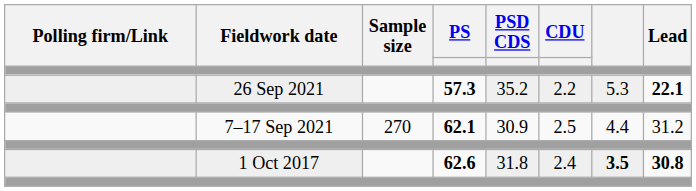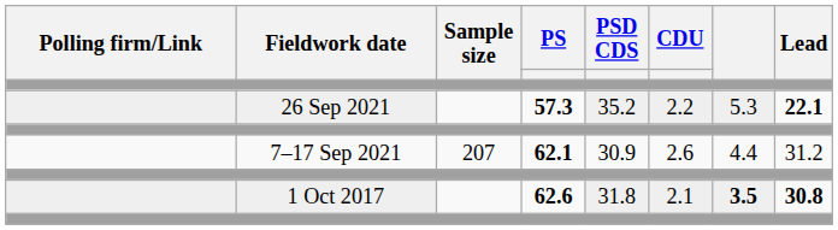 <table class="wikitable sortable mw-datatable" style="text-align:center;font-size:90%;line-height:16px;">
 <tr style="height:42px;">
 <th style="width:145px;" rowspan="2">Polling firm/Link</th>
 <th style="width:125px;" rowspan="2">Fieldwork date</th>
 <th class="unsortable" style="width:50px;" rowspan="2">Sample size</th>
 <th class="unsortable" style="width:35px;"><a href='#'>PS</a></th>
 <th class="unsortable" style="width:35px;"><a href='#'>PSD</a><br><a href='#'>CDS</a></th>
 <th class="unsortable" style="width:35px;"><a href='#'>CDU</a></th>
 <th class="unsortable" style="width:35px;" rowspan="2"></th>
 <th class="unsortable" style="width:30px;" rowspan="2">Lead</th>
 </tr>
 <tr>
 <th class="unsortable" style="color:inherit;background:"></th>
 <th class="unsortable" style="color:inherit;background:"></th>
 <th class="unsortable" style="color:inherit;background:"></th>
 </tr>
 <tr>
 <td colspan="12" style="background:#A0A0A0"></td>
 </tr>
 <tr>
 <td style="background:#EFEFEF;"><strong></strong></td>
 <td style="background:#EFEFEF;" data-sort-value="2019-10-06">26 Sep 2021</td>
 <td></td>
 <td><strong>57.3</strong><br></td>
 <td style="background:#EFEFEF;">35.2<br></td>
 <td style="background:#EFEFEF;">2.2<br></td>
 <td style="background:#EFEFEF;">5.3</td>
 <td style="background:"><strong>22.1</strong></td>
 </tr>
 <tr>
 <td colspan="12" style="background:#A0A0A0"></td>
 </tr>
 <tr>
 <td align="center"></td>
 <td align="center">7–17 Sep 2021</td>
-<td align="center">270</td>
+<td align="center">207</td>
 <td align="center" ><strong>62.1</strong></td>
 <td align="center">30.9</td>
-<td align="center">2.5</td>
+<td align="center">2.6</td>
 <td align="center">4.4</td>
 <td style="background:">31.2</td>
 </tr>
 <tr>
 <td colspan="12" style="background:#A0A0A0"></td>
 </tr>
 <tr>
 <td style="background:#EFEFEF;"><strong></strong></td>
 <td style="background:#EFEFEF;" data-sort-value="2019-10-06">1 Oct 2017</td>
 <td></td>
 <td><strong>62.6</strong><br></td>
 <td style="background:#EFEFEF;">31.8<br></td>
-<td style="background:#EFEFEF;">2.4<br></td>
+<td style="background:#EFEFEF;">2.1<br></td>
 <td style="background:#EFEFEF;"><strong>3.5</strong></td>
 <td style="background:"><strong>30.8</strong></td>
 </tr>
 <tr>
 <td colspan="12" style="background:#A0A0A0"></td>
 </tr>
 </table>
